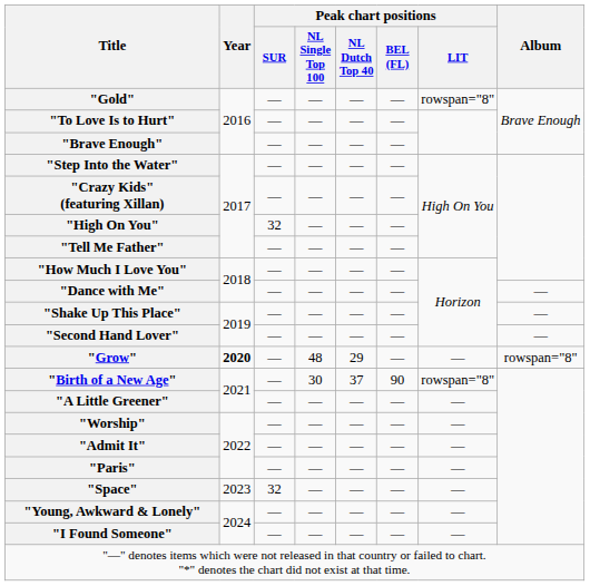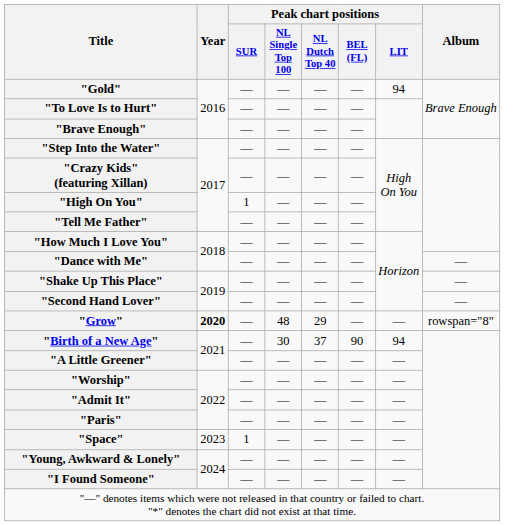 <table class="wikitable plainrowheaders" style="text-align:center;">
 <tr>
 <th scope="col" rowspan="2" style="width:15em;">Title</th>
 <th scope="col" rowspan="2" style="width:1em;">Year</th>
 <th scope="col" colspan="5">Peak chart positions</th>
 <th scope="col" rowspan="2">Album</th>
 </tr>
 <tr>
 <th scope="col" style="width:3em;font-size:85%;"><a href='#'>SUR</a><br></th>
 <th scope="col" style="width:3em;font-size:85%;"><a href='#'>NL <br>Single <br>Top 100</a></th>
 <th scope="col" style="width:3em;font-size:85%;"><a href='#'>NL <br>Dutch <br>Top 40</a></th>
 <th scope="col" style="width:3em;font-size:85%;"><a href='#'>BEL (FL)</a></th>
 <th scope="col" style="width:3em;font-size:85%;"><a href='#'>LIT</a><br></th>
 </tr>
 <tr>
 <th scope="row">"Gold"</th>
 <td rowspan="3">2016</td>
 <td>—</td>
 <td>—</td>
 <td>—</td>
 <td>—</td>
-<td>rowspan="8" </td>
+<td>94</td>
 <td rowspan="3"><em>Brave Enough</em></td>
 </tr>
 <tr>
 <th scope="row">"To Love Is to Hurt"</th>
 <td>—</td>
 <td>—</td>
 <td>—</td>
 <td>—</td>
 </tr>
 <tr>
 <th scope="row">"Brave Enough"</th>
 <td>—</td>
 <td>—</td>
 <td>—</td>
 <td>—</td>
 </tr>
 <tr>
 <th scope="row">"Step Into the Water"</th>
 <td rowspan="4">2017</td>
 <td>—</td>
 <td>—</td>
 <td>—</td>
 <td>—</td>
 <td rowspan="4"><em>High On You</em></td>
 </tr>
 <tr>
 <th scope="row">"Crazy Kids"<br><span>(featuring Xillan)</span></th>
 <td>—</td>
 <td>—</td>
 <td>—</td>
 <td>—</td>
 </tr>
 <tr>
 <th scope="row">"High On You"</th>
-<td>32</td>
+<td>1</td>
 <td>—</td>
 <td>—</td>
 <td>—</td>
 </tr>
 <tr>
 <th scope="row">"Tell Me Father"</th>
 <td>—</td>
 <td>—</td>
 <td>—</td>
 <td>—</td>
 </tr>
 <tr>
 <th scope="row">"How Much I Love You"</th>
 <td rowspan="2">2018</td>
 <td>—</td>
 <td>—</td>
 <td>—</td>
 <td>—</td>
 <td rowspan="4"><em>Horizon</em></td>
 </tr>
 <tr>
 <th scope="row">"Dance with Me"</th>
 <td>—</td>
 <td>—</td>
 <td>—</td>
 <td>—</td>
 <td>—</td>
 </tr>
 <tr>
 <th scope="row">"Shake Up This Place"</th>
 <td rowspan="2">2019</td>
 <td>—</td>
 <td>—</td>
 <td>—</td>
 <td>—</td>
 <td>—</td>
 </tr>
 <tr>
 <th scope="row">"Second Hand Lover"</th>
 <td>—</td>
 <td>—</td>
 <td>—</td>
 <td>—</td>
 <td>—</td>
 </tr>
 <tr>
 <th scope="row">"<a href='#'>Grow</a>"</th>
 <td><strong>2020</strong></td>
 <td>—</td>
 <td>48</td>
 <td>29</td>
 <td>—</td>
 <td>—</td>
 <td>rowspan="8" </td>
 </tr>
 <tr>
 <th scope="row">"<a href='#'>Birth of a New Age</a>"</th>
 <td rowspan="2">2021</td>
 <td>—</td>
 <td>30</td>
 <td>37</td>
 <td>90</td>
-<td>rowspan="8" </td>
+<td>94</td>
 </tr>
 <tr>
 <th scope="row">"A Little Greener"</th>
 <td>—</td>
 <td>—</td>
 <td>—</td>
 <td>—</td>
 <td>—</td>
 </tr>
 <tr>
 <th scope="row">"Worship"</th>
 <td rowspan="3">2022</td>
 <td>—</td>
 <td>—</td>
 <td>—</td>
 <td>—</td>
 <td>—</td>
 </tr>
 <tr>
 <th scope="row">"Admit It"</th>
 <td>—</td>
 <td>—</td>
 <td>—</td>
 <td>—</td>
 <td>—</td>
 </tr>
 <tr>
 <th scope="row">"Paris"</th>
 <td>—</td>
 <td>—</td>
 <td>—</td>
 <td>—</td>
 <td>—</td>
 </tr>
 <tr>
 <th scope="row">"Space"</th>
 <td>2023</td>
-<td>32</td>
+<td>1</td>
 <td>—</td>
 <td>—</td>
 <td>—</td>
 <td>—</td>
 </tr>
 <tr>
 <th scope="row">"Young, Awkward & Lonely"</th>
 <td rowspan="2">2024</td>
 <td>—</td>
 <td>—</td>
 <td>—</td>
 <td>—</td>
 <td>—</td>
 </tr>
 <tr>
 <th scope="row">"I Found Someone"</th>
 <td>—</td>
 <td>—</td>
 <td>—</td>
 <td>—</td>
 <td>—</td>
 </tr>
 <tr>
 <td colspan="8" style="font-size:90%;">"—" denotes items which were not released in that country or failed to chart.<br>"*" denotes the chart did not exist at that time.</td>
 </tr>
 </table>
